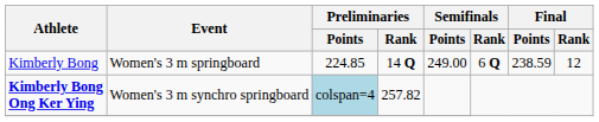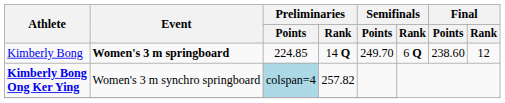 <table class="wikitable" style="text-align:center; font-size:90%;">
 <tr>
 <th rowspan=2>Athlete</th>
 <th rowspan=2>Event</th>
 <th colspan=2>Preliminaries</th>
 <th colspan=2>Semifinals</th>
 <th colspan=2>Final</th>
 </tr>
 <tr style="font-size:95%">
 <th>Points</th>
 <th>Rank</th>
 <th>Points</th>
 <th>Rank</th>
 <th>Points</th>
 <th>Rank</th>
 </tr>
 <tr>
 <td align=left><a href='#'>Kimberly Bong</a></td>
-<td align=left>Women's 3 m springboard</td>
+<td align=left><strong>Women's 3 m springboard</strong></td>
 <td>224.85</td>
 <td>14 <strong>Q</strong></td>
-<td>249.00</td>
+<td>249.70</td>
 <td>6 <strong>Q</strong></td>
-<td>238.59</td>
+<td>238.60</td>
 <td>12</td>
 </tr>
 <tr>
 <td align=left><strong><a href='#'>Kimberly Bong</a><br> <a href='#'>Ong Ker Ying</a></strong></td>
 <td align=left>Women's 3 m synchro springboard</td>
 <td style="background: lightblue;">colspan=4 </td>
 <td>257.82</td>
 <td></td>
 </tr>
 <tr align="center">
 </tr>
 </table>
